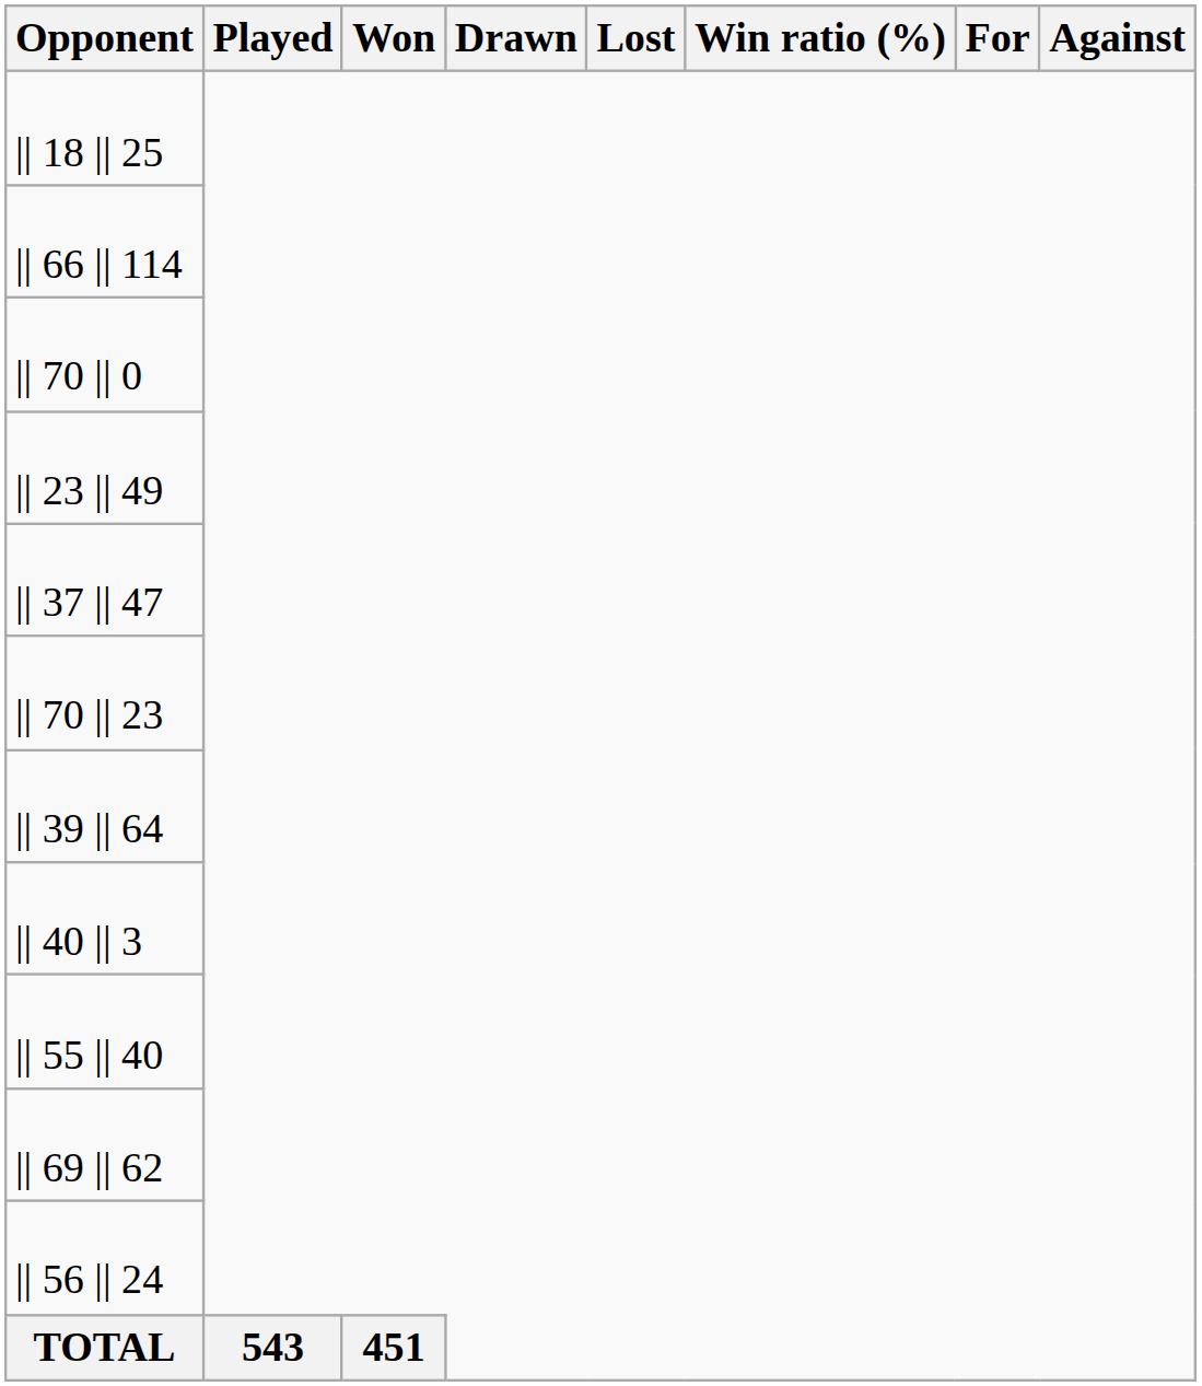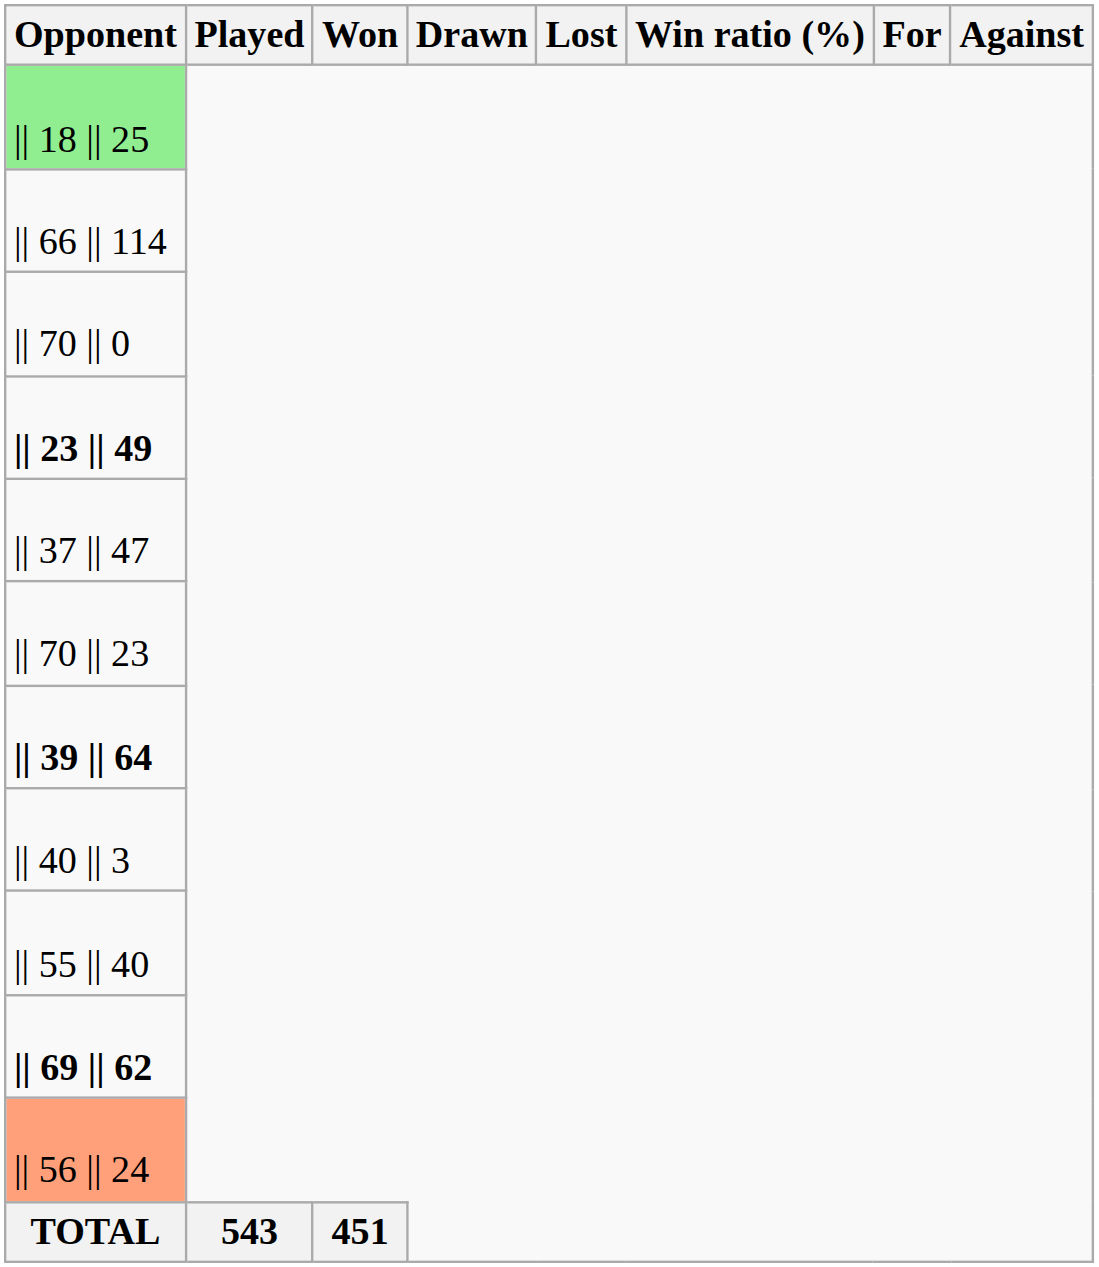 <table class="wikitable">
 <tr>
 <th>Opponent</th>
 <th>Played</th>
 <th>Won</th>
 <th>Drawn</th>
 <th>Lost</th>
 <th>Win ratio (%)</th>
 <th>For</th>
 <th>Against</th>
 </tr>
 <tr align=center>
-<td align=left><br> || 18 || 25</td>
+<td align=left style="background: lightgreen;"><br> || 18 || 25</td>
 </tr>
 <tr align=center>
 <td align=left><br> || 66 || 114</td>
 </tr>
 <tr align=center>
 <td align=left><br> || 70 || 0</td>
 </tr>
 <tr align=center>
-<td align=left><br> || 23 || 49</td>
+<td align=left><strong><br> || 23 || 49</strong></td>
 </tr>
 <tr align=center>
 <td align=left><br> || 37 || 47</td>
 </tr>
 <tr align=center>
 <td align=left><br> || 70 || 23</td>
 </tr>
 <tr align=center>
-<td align=left><br> || 39 || 64</td>
+<td align=left><strong><br> || 39 || 64</strong></td>
 </tr>
 <tr align=center>
 <td align=left><br> || 40 || 3</td>
 </tr>
 <tr align=center>
 <td align=left><br> || 55 || 40</td>
 </tr>
 <tr align=center>
-<td align=left><br> || 69 || 62</td>
+<td align=left><strong><br> || 69 || 62</strong></td>
 </tr>
 <tr align=center>
-<td align=left><br> || 56 || 24</td>
+<td align=left style="background: lightsalmon;"><br> || 56 || 24</td>
 </tr>
 <tr align=center>
 <th>TOTAL<br></th>
 <th>543</th>
 <th>451</th>
 </tr>
 </table>
